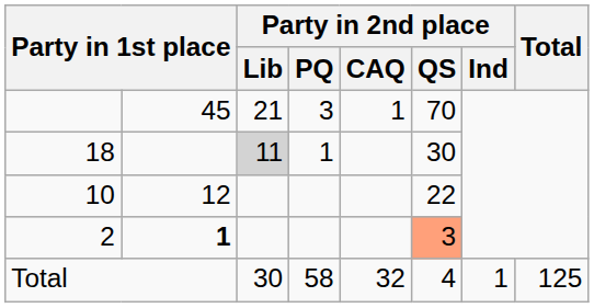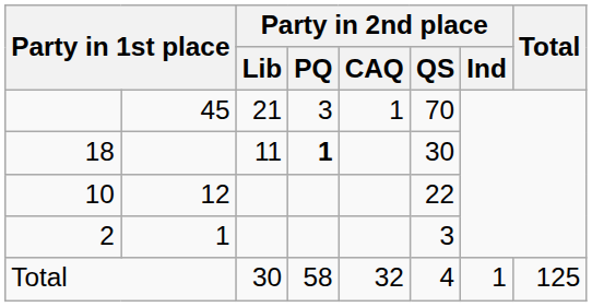 <table class="wikitable" style="text-align:right;">
 <tr>
 <th rowspan="2" colspan="2" style="text-align:left;">Party in 1st place</th>
 <th colspan="5">Party in 2nd place</th>
 <th rowspan="2">Total</th>
 </tr>
 <tr>
 <th>Lib</th>
 <th>PQ</th>
 <th>CAQ</th>
 <th>QS</th>
 <th>Ind</th>
 </tr>
 <tr>
 <td></td>
 <td>45</td>
 <td>21</td>
 <td>3</td>
 <td>1</td>
 <td>70</td>
 </tr>
 <tr>
 <td>18</td>
 <td></td>
-<td style="background: lightgrey;">11</td>
-<td>1</td>
+<td>11</td>
+<td><strong>1</strong></td>
 <td></td>
 <td>30</td>
 </tr>
 <tr>
 <td>10</td>
 <td>12</td>
 <td></td>
 <td></td>
 <td></td>
 <td>22</td>
 </tr>
 <tr>
 <td>2</td>
-<td><strong>1</strong></td>
+<td>1</td>
 <td></td>
 <td></td>
 <td></td>
-<td style="background: lightsalmon;">3</td>
+<td>3</td>
 </tr>
 <tr>
 <td colspan="2" style="text-align:left;">Total</td>
 <td>30</td>
 <td>58</td>
 <td>32</td>
 <td>4</td>
 <td>1</td>
 <td>125</td>
 </tr>
 </table>
